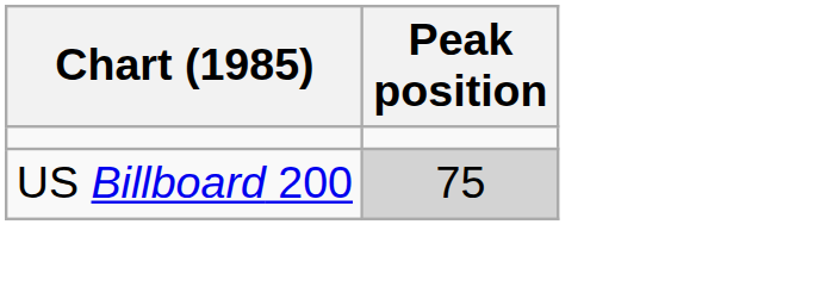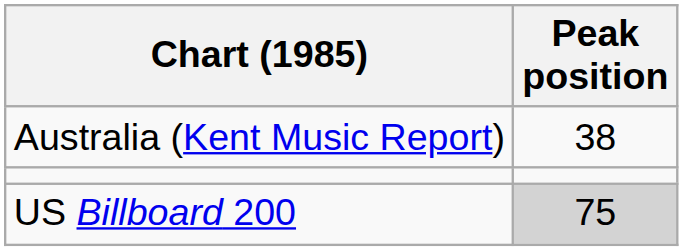 <table class="wikitable">
 <tr>
 <th scope="col">Chart (1985)</th>
 <th>Peak<br>position</th>
+</tr>
+<tr>
+<td>Australia (<a href='#'>Kent Music Report</a>)</td>
+<td style="text-align:center;">38</td>
 </tr>
 <tr>
 <td></td>
 </tr>
 <tr>
 <td>US <a href='#'><em>Billboard</em> 200</a></td>
 <td style="background: lightgrey; text-align:center;">75</td>
 </tr>
 </table>
